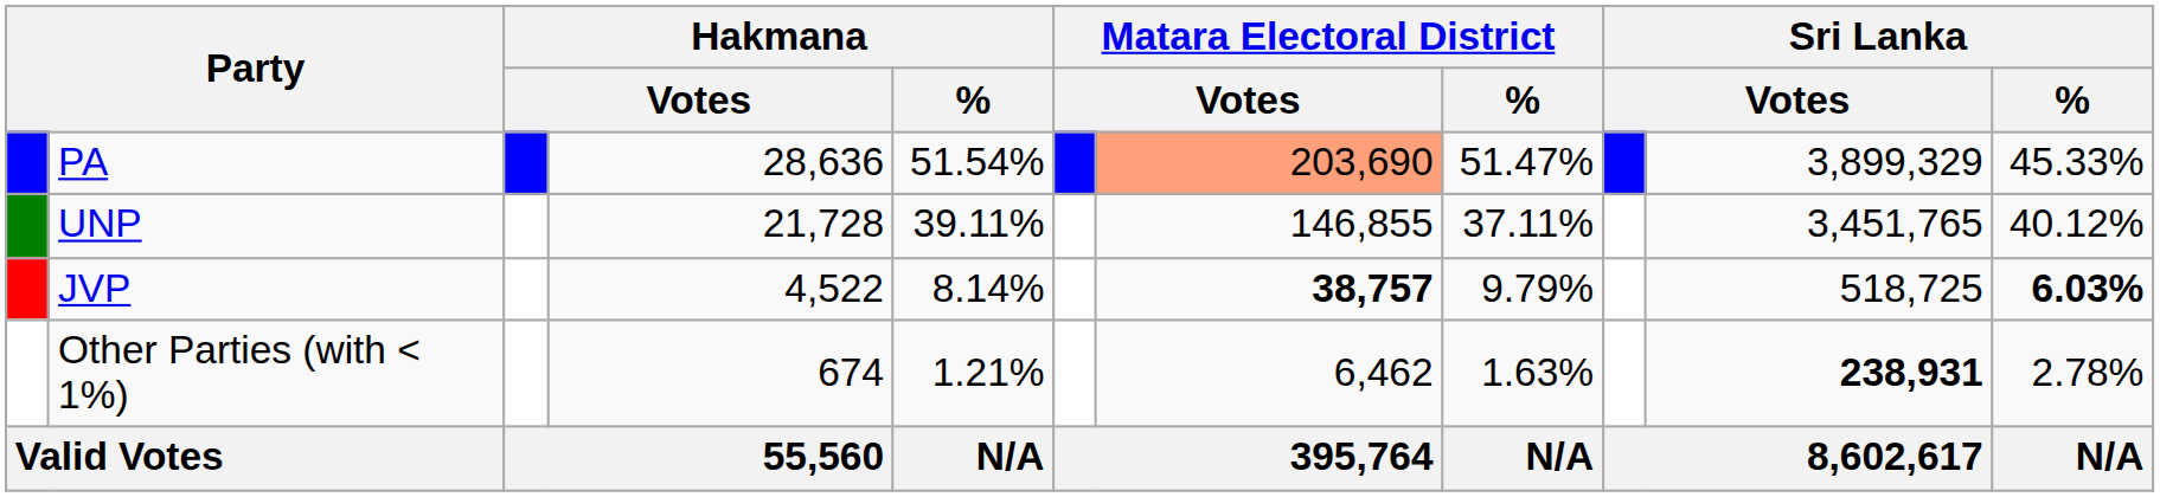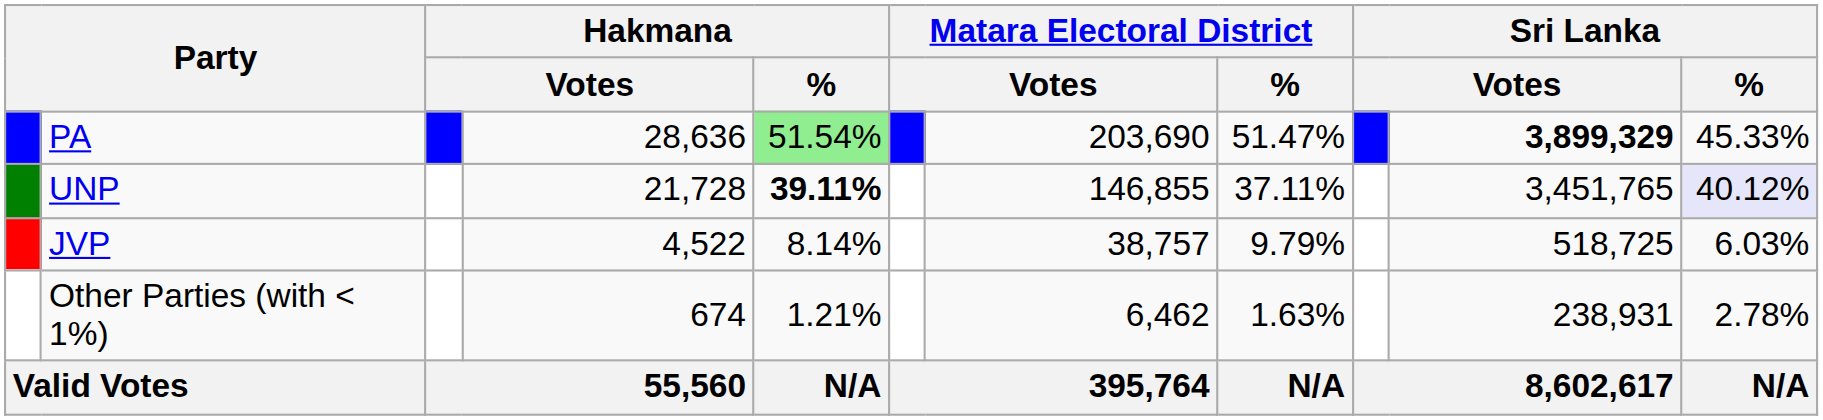 <table class="wikitable">
 <tr>
 <th colspan="2" width="144px"rowspan="2">Party</th>
 <th colspan="3" width="216px">Hakmana</th>
 <th colspan="3" width="216px"><a href='#'>Matara Electoral District</a></th>
 <th colspan="3" width="216px">Sri Lanka</th>
 </tr>
 <tr>
 <th colspan="2" width="144px">Votes</th>
 <th>%</th>
 <th colspan="2" width="144px">Votes</th>
 <th>%</th>
 <th colspan="2" width="144px">Votes</th>
 <th>%</th>
 </tr>
 <tr>
 <td style="background-color:blue;" width="10px"></td>
 <td style="text-align:left;"><a href='#'>PA</a></td>
 <td style="background-color:blue;" width="10px"></td>
 <td style="text-align:right;">28,636</td>
-<td style="text-align:right;">51.54%</td>
+<td style="background: lightgreen; text-align:right;">51.54%</td>
 <td style="background-color:blue;" width="10px"></td>
-<td style="background: lightsalmon; text-align:right;">203,690</td>
+<td style="text-align:right;">203,690</td>
 <td style="text-align:right;">51.47%</td>
 <td style="background-color:blue;" width="10px"></td>
-<td style="text-align:right;">3,899,329</td>
+<td style="text-align:right;"><strong>3,899,329</strong></td>
 <td style="text-align:right;">45.33%</td>
 </tr>
 <tr>
 <td style="background-color:green;" width="10px"></td>
 <td style="text-align:left;"><a href='#'>UNP</a></td>
 <td style="background-color:white;" width="10px"></td>
 <td style="text-align:right;">21,728</td>
-<td style="text-align:right;">39.11%</td>
+<td style="text-align:right;"><strong>39.11%</strong></td>
 <td style="background-color:white;" width="10px"></td>
 <td style="text-align:right;">146,855</td>
 <td style="text-align:right;">37.11%</td>
 <td style="background-color:white;" width="10px"></td>
 <td style="text-align:right;">3,451,765</td>
-<td style="text-align:right;">40.12%</td>
+<td style="background: lavender; text-align:right;">40.12%</td>
 </tr>
 <tr>
 <td style="background-color:red;" width="10px"></td>
 <td style="text-align:left;"><a href='#'>JVP</a></td>
 <td style="background-color:white;" width="10px"></td>
 <td style="text-align:right;">4,522</td>
 <td style="text-align:right;">8.14%</td>
 <td style="background-color:white;" width="10px"></td>
-<td style="text-align:right;"><strong>38,757</strong></td>
+<td style="text-align:right;">38,757</td>
 <td style="text-align:right;">9.79%</td>
 <td style="background-color:white;" width="10px"></td>
 <td style="text-align:right;">518,725</td>
-<td style="text-align:right;"><strong>6.03%</strong></td>
+<td style="text-align:right;">6.03%</td>
 </tr>
 <tr>
 <td style="background-color:white;" width="10px"></td>
 <td style="text-align:left;">Other Parties (with < 1%)</td>
 <td style="background-color:white;" width="10px"></td>
 <td style="text-align:right;">674</td>
 <td style="text-align:right;">1.21%</td>
 <td style="background-color:white;" width="10px"></td>
 <td style="text-align:right;">6,462</td>
 <td style="text-align:right;">1.63%</td>
 <td style="background-color:white;" width="10px"></td>
-<td style="text-align:right;"><strong>238,931</strong></td>
+<td style="text-align:right;">238,931</td>
 <td style="text-align:right;">2.78%</td>
 </tr>
 <tr>
 <th colspan="2" width="144px"style="text-align:left;">Valid Votes</th>
 <th style="text-align:right;"colspan="2" width="144px">55,560</th>
 <th style="text-align:right;">N/A</th>
 <th style="text-align:right;"colspan="2" width="144px">395,764</th>
 <th style="text-align:right;">N/A</th>
 <th style="text-align:right;"colspan="2" width="144px">8,602,617</th>
 <th style="text-align:right;">N/A</th>
 </tr>
 </table>
